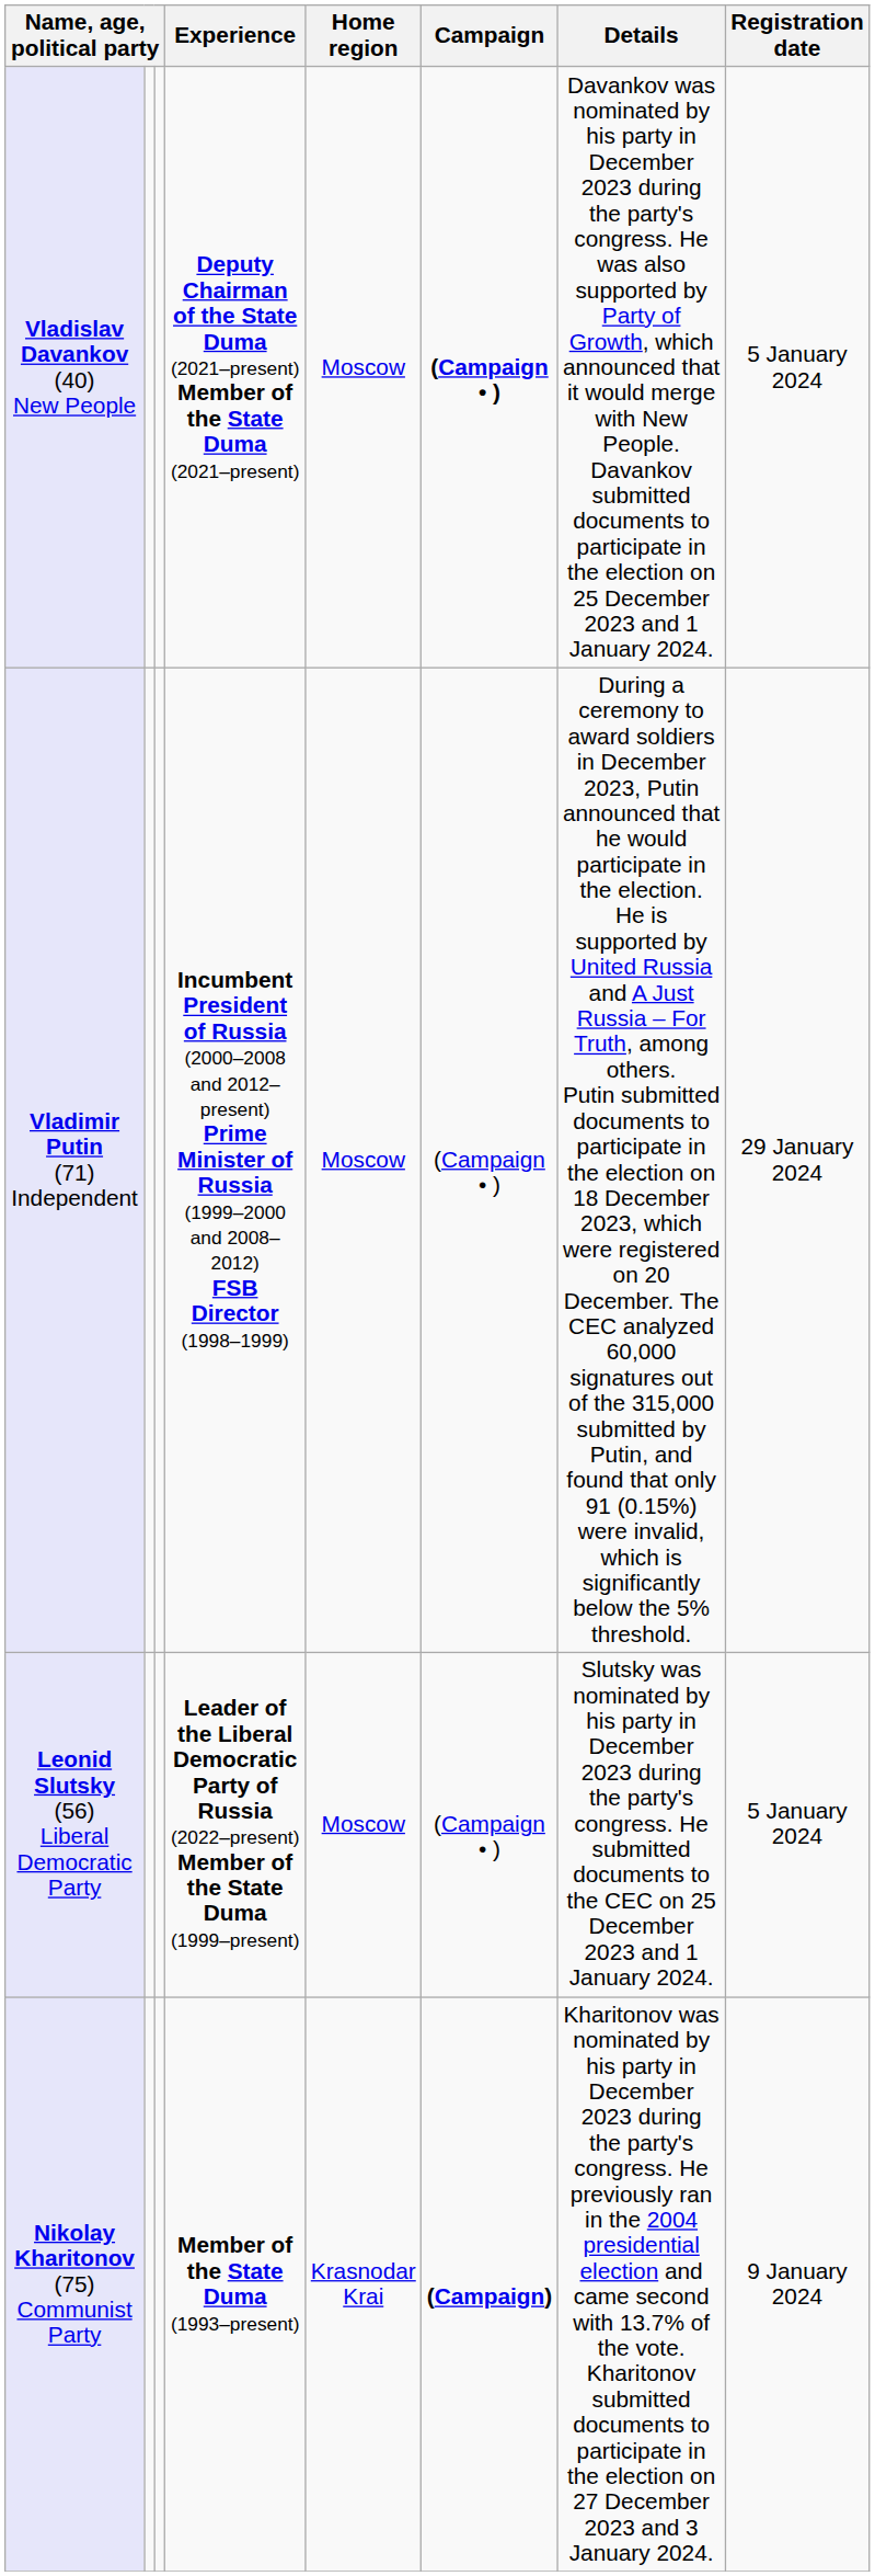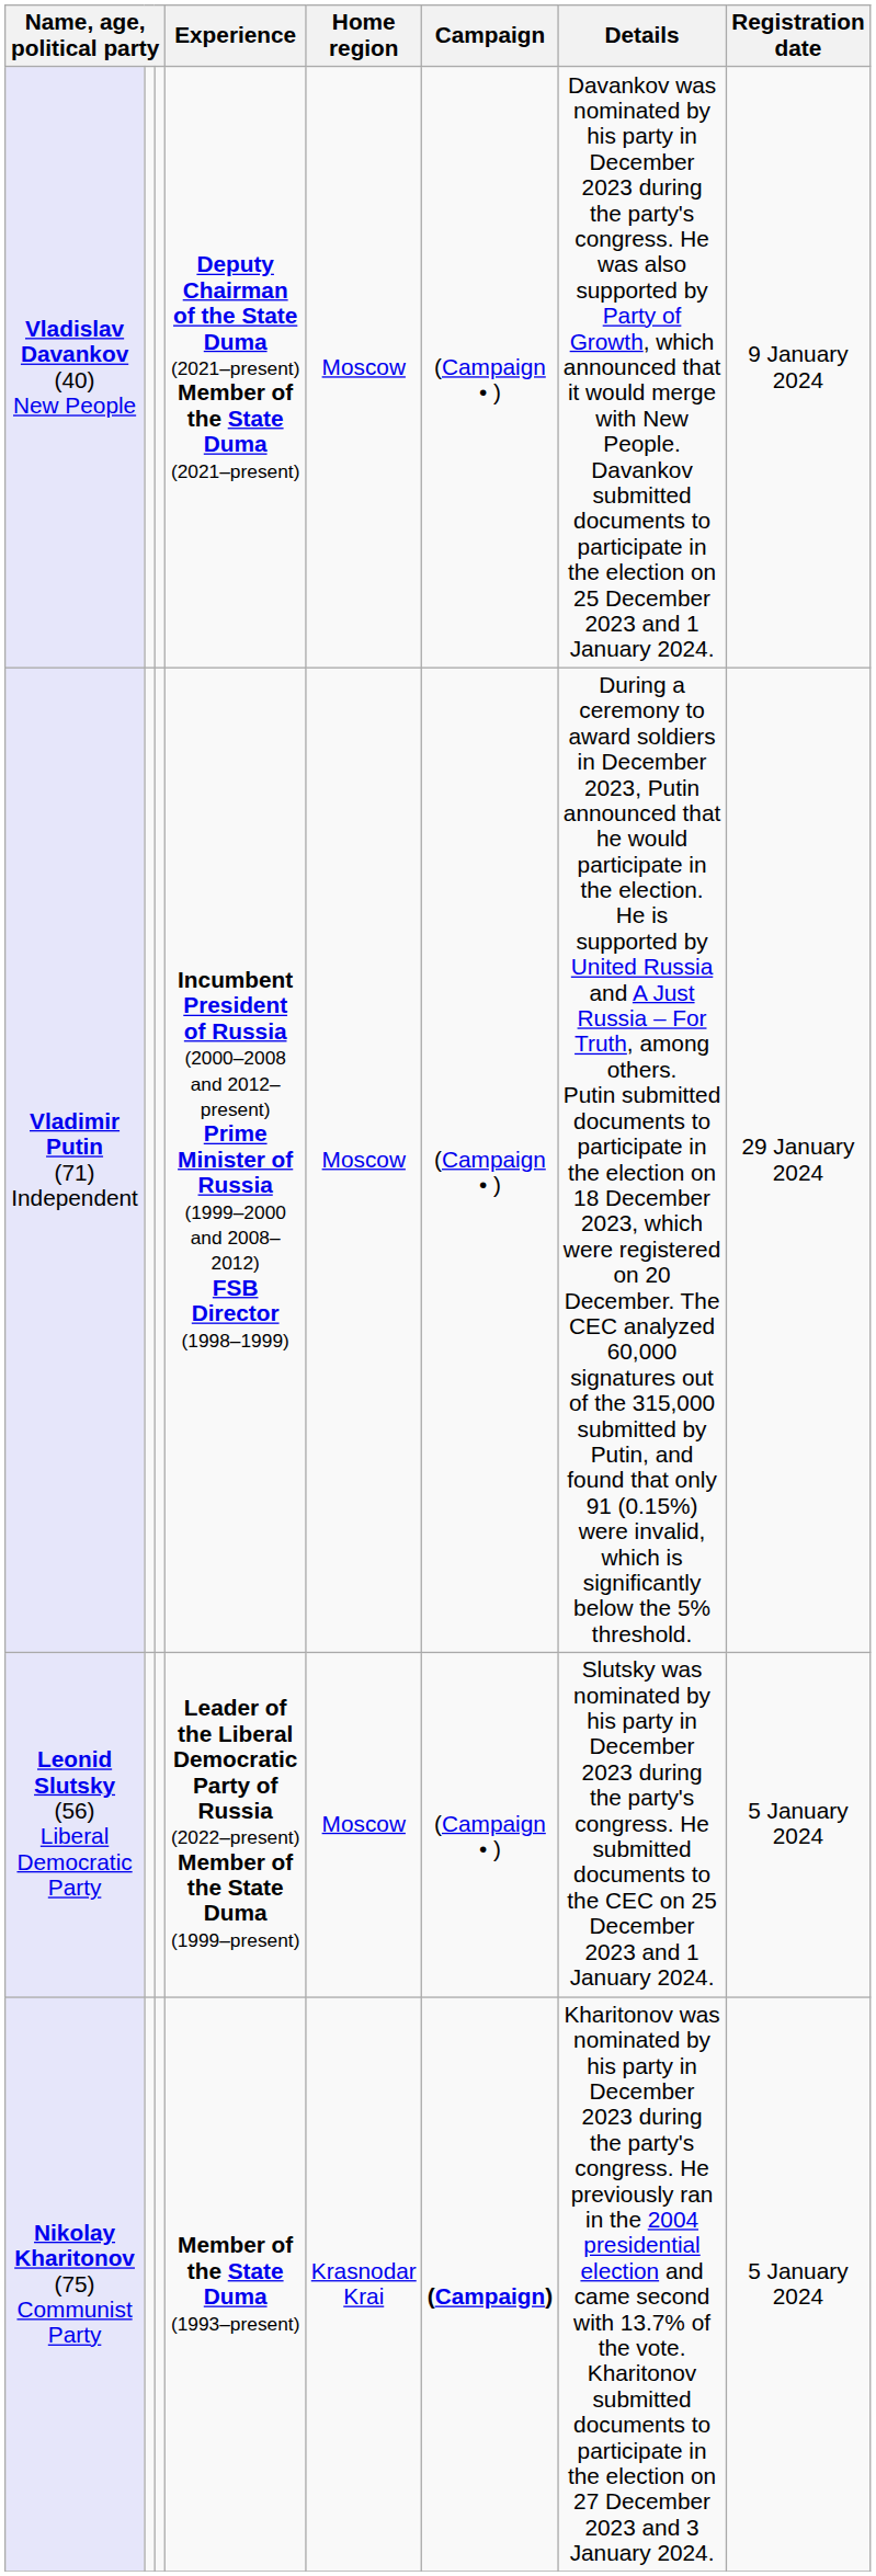 <table class=wikitable style=text-align:center>
 <tr>
 <th colspan="3">Name, age,<br>political party</th>
 <th>Experience</th>
 <th>Home region</th>
 <th>Campaign</th>
 <th>Details</th>
 <th>Registration date</th>
 </tr>
 <tr>
 <td style="background:lavender;"><strong><a href='#'>Vladislav Davankov</a></strong><br>(40)<br><a href='#'>New People</a></td>
 <td></td>
 <td style="background-color:"></td>
 <td><strong><a href='#'>Deputy Chairman of the State Duma</a></strong><br><small>(2021–present)</small><br><strong>Member of the <a href='#'>State Duma</a></strong><br><small>(2021–present)</small></td>
 <td> <a href='#'>Moscow</a></td>
-<td><strong><br>(<a href='#'>Campaign</a> • )</strong></td>
+<td><br>(<a href='#'>Campaign</a> • )</td>
 <td>Davankov was nominated by his party in December 2023 during the party's congress. He was also supported by <a href='#'>Party of Growth</a>, which announced that it would merge with New People. Davankov submitted documents to participate in the election on 25 December 2023 and 1 January 2024.</td>
-<td>5 January 2024</td>
+<td>9 January 2024</td>
 </tr>
 <tr>
 <td style="background:lavender;"><strong><a href='#'>Vladimir Putin</a></strong><br>(71)<br>Independent</td>
 <td></td>
 <td style="background-color:"></td>
 <td><strong>Incumbent <a href='#'>President of Russia</a></strong><br><small>(2000–2008 and 2012–present)</small><br><strong><a href='#'>Prime Minister of Russia</a></strong><br><small>(1999–2000 and 2008–2012)</small><br><strong><a href='#'>FSB Director</a></strong><br><small>(1998–1999)</small></td>
 <td> <a href='#'>Moscow</a></td>
 <td><br>(<a href='#'>Campaign</a> •  )</td>
 <td>During a ceremony to award soldiers in December 2023, Putin announced that he would participate in the election. He is supported by <a href='#'>United Russia</a> and <a href='#'>A Just Russia – For Truth</a>, among others.<br>Putin submitted documents to participate in the election on 18 December 2023, which were registered on 20 December. The CEC analyzed 60,000 signatures out of the 315,000 submitted by Putin, and found that only 91 (0.15%) were invalid, which is significantly below the 5% threshold.</td>
 <td>29 January 2024</td>
 </tr>
 <tr>
 <td style="background:lavender;"><strong><a href='#'>Leonid Slutsky</a></strong><br>(56)<br><a href='#'>Liberal Democratic Party</a></td>
 <td></td>
 <td style="background-color:"></td>
 <td><strong>Leader of the Liberal Democratic Party of Russia</strong><br><small>(2022–present)</small><br><strong>Member of the State Duma</strong><br><small>(1999–present)</small></td>
 <td> <a href='#'>Moscow</a></td>
 <td><br>(<a href='#'>Campaign</a> •  )</td>
 <td>Slutsky was nominated by his party in December 2023 during the party's congress. He submitted documents to the CEC on 25 December 2023 and 1 January 2024.</td>
 <td>5 January 2024</td>
 </tr>
 <tr>
 <td style="background:lavender;"><strong><a href='#'>Nikolay Kharitonov</a></strong><br>(75)<br><a href='#'>Communist Party</a></td>
 <td></td>
 <td style="background-color:"></td>
 <td><strong>Member of the <a href='#'>State Duma</a></strong><br><small>(1993–present)</small></td>
 <td> <a href='#'>Krasnodar Krai</a></td>
 <td><strong><br>(<a href='#'>Campaign</a>)</strong></td>
 <td>Kharitonov was nominated by his party in December 2023 during the party's congress. He previously ran in the <a href='#'>2004 presidential election</a> and came second with 13.7% of the vote. Kharitonov submitted documents to participate in the election on 27 December 2023 and 3 January 2024.</td>
-<td>9 January 2024</td>
+<td>5 January 2024</td>
 </tr>
 </table>
